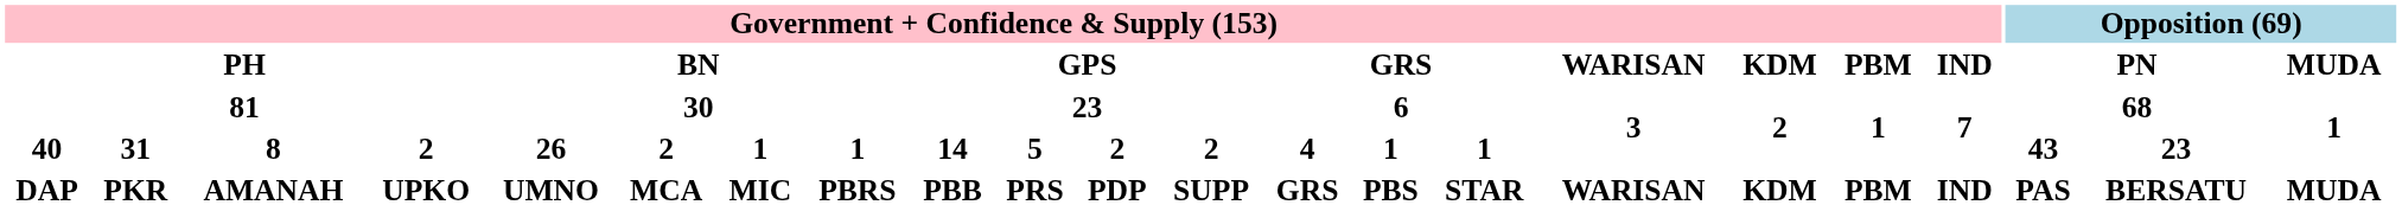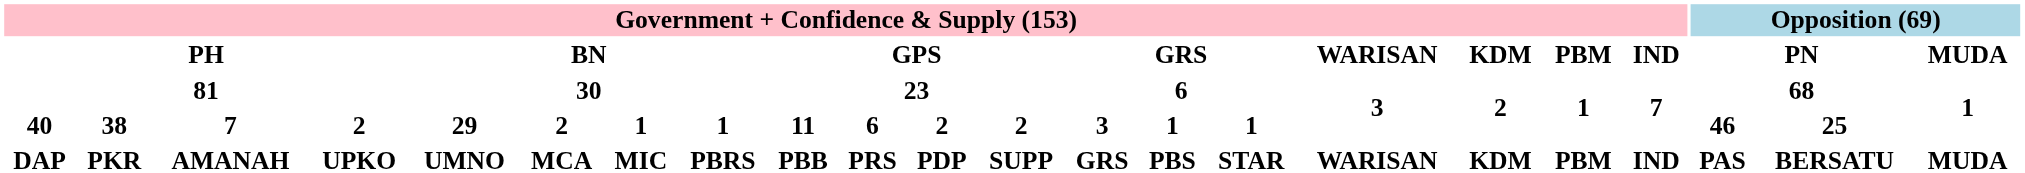 <table style="width:100%; text-align:center;">
 <tr>
 <th colspan="19" style="background:pink">Government + Confidence & Supply (<strong>153</strong>)</th>
 <th colspan="3"  style="background:lightblue">Opposition (<strong>69</strong>)</th>
 </tr>
 <tr>
 <th colspan="4" align="centre" style="color:">PH</th>
 <th colspan="4" align="centre" style="color:">BN</th>
 <th colspan="4" align="centre" style="color:">GPS</th>
 <th colspan="3" align="centre" style="color:">GRS</th>
 <th align="centre" style="color:">WARISAN</th>
 <th align="center" style="color:">KDM</th>
 <th align="center" style="color:">PBM</th>
 <th align="center" style="color:">IND</th>
 <th colspan="2" align="centre" style="color:">PN</th>
 <th align="center" style="color:">MUDA</th>
 </tr>
 <tr>
 <td colspan="4" align="center" style="background:"><strong>81</strong></td>
 <td colspan="4" align="center" style="background:"><strong>30</strong></td>
 <td colspan="4" align="center" style="background:"><strong>23</strong></td>
 <td colspan="3" align="center" style="background:"><strong>6</strong></td>
 <td rowspan="2" align="center" style="background:"><strong>3</strong></td>
 <td rowspan="2" align="center" style="background:"><span><strong>2</strong></span></td>
 <td rowspan="2" align="center" style="background:"><strong>1</strong></td>
 <td rowspan="2" align="center" style="background:"><strong>7</strong></td>
 <td colspan="2" align="center" style="background:"><strong>68</strong></td>
 <td rowspan="2" align="center" style="background:"><strong>1</strong></td>
 </tr>
 <tr>
 <td align="center" style="background:"><strong>40</strong></td>
-<td align="center" style="background:"><strong>31</strong></td>
-<td align="center" style="background:"><strong>8</strong></td>
+<td align="center" style="background:"><strong>38</strong></td>
+<td align="center" style="background:"><strong>7</strong></td>
 <td align="centre" style="background:"><strong>2</strong></td>
-<td align="center" style="background:"><strong>26</strong></td>
+<td align="center" style="background:"><strong>29</strong></td>
 <td align="center" style="background:"><strong>2</strong></td>
 <td align="center" style="background:"><strong>1</strong></td>
 <td align="center" style="background:"><strong>1</strong></td>
-<td align="center" style="background:"><strong>14</strong></td>
-<td align="center" style="background:"><strong>5</strong></td>
+<td align="center" style="background:"><strong>11</strong></td>
+<td align="center" style="background:"><strong>6</strong></td>
 <td align="center" style="background:"><strong>2</strong></td>
 <td align="center" style="background:"><strong>2</strong></td>
-<td align="center" style="background:"><strong>4</strong></td>
+<td align="center" style="background:"><strong>3</strong></td>
 <td align="center" style="background:"><strong>1</strong></td>
 <td align="center" style="background:"><strong>1</strong></td>
-<td align="center" style="background:"><strong>43</strong></td>
-<td align="center" style="background:"><strong>23</strong></td>
+<td align="center" style="background:"><strong>46</strong></td>
+<td align="center" style="background:"><strong>25</strong></td>
 </tr>
 <tr>
 <th align="centre" style="color:">DAP</th>
 <th align="centre" style="color:">PKR</th>
 <th align="centre" style="color:">AMANAH</th>
 <th align="centre" style="color:">UPKO</th>
 <th align="centre" style="color:">UMNO</th>
 <th align="centre" style="color:">MCA</th>
 <th align="centre" style="color:">MIC</th>
 <th align="centre" style="color:">PBRS</th>
 <th align="centre" style="color:">PBB</th>
 <th align="centre" style="color:">PRS</th>
 <th align="centre" style="color:">PDP</th>
 <th align="centre" style="color:">SUPP</th>
 <th align="centre" style="color:">GRS</th>
 <th align="centre" style="color:">PBS</th>
 <th align="centre" style="color:">STAR</th>
 <th align="centre" style="color:">WARISAN</th>
 <th align="centre" style="color:">KDM</th>
 <th align="centre" style="color:">PBM</th>
 <th align="centre" style="color:">IND</th>
 <th align="centre" style="color:">PAS</th>
 <th align="centre" style="color:">BERSATU</th>
 <th align="center" style="color:#000000;">MUDA</th>
 </tr>
 </table>
